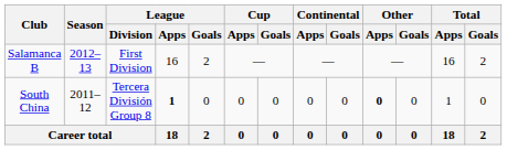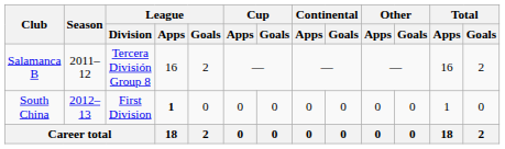 <table class="wikitable" style="text-align:center">
 <tr>
 <th rowspan="2">Club</th>
 <th rowspan="2">Season</th>
 <th colspan="3">League</th>
 <th colspan="2">Cup</th>
 <th colspan="2">Continental</th>
 <th colspan="2">Other</th>
 <th colspan="2">Total</th>
 </tr>
 <tr>
 <th>Division</th>
 <th>Apps</th>
 <th>Goals</th>
 <th>Apps</th>
 <th>Goals</th>
 <th>Apps</th>
 <th>Goals</th>
 <th>Apps</th>
 <th>Goals</th>
 <th>Apps</th>
 <th>Goals</th>
 </tr>
 <tr>
 <td><a href='#'>Salamanca B</a></td>
-<td><a href='#'>2012–13</a></td>
-<td><a href='#'>First Division</a></td>
+<td>2011–12</td>
+<td><a href='#'>Tercera División Group 8</a></td>
 <td>16</td>
 <td>2</td>
 <td colspan="2">—</td>
 <td colspan="2">—</td>
 <td colspan="2">—</td>
 <td>16</td>
 <td>2</td>
 </tr>
 <tr>
 <td><a href='#'>South China</a></td>
-<td>2011–12</td>
-<td><a href='#'>Tercera División Group 8</a></td>
+<td><a href='#'>2012–13</a></td>
+<td><a href='#'>First Division</a></td>
 <td><strong>1</strong></td>
 <td>0</td>
 <td>0</td>
 <td>0</td>
 <td>0</td>
 <td>0</td>
-<td><strong>0</strong></td>
+<td>0</td>
 <td>0</td>
 <td>1</td>
 <td>0</td>
 </tr>
 <tr>
 <th colspan="3">Career total</th>
 <th>18</th>
 <th>2</th>
 <th>0</th>
 <th>0</th>
 <th>0</th>
 <th>0</th>
 <th>0</th>
 <th>0</th>
 <th>18</th>
 <th>2</th>
 </tr>
 </table>
